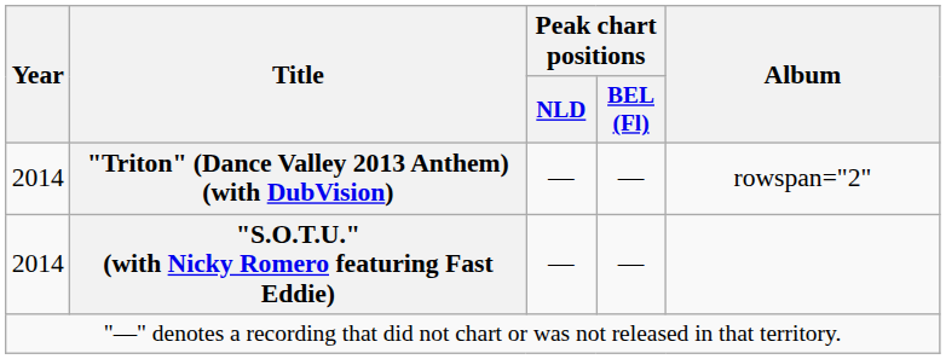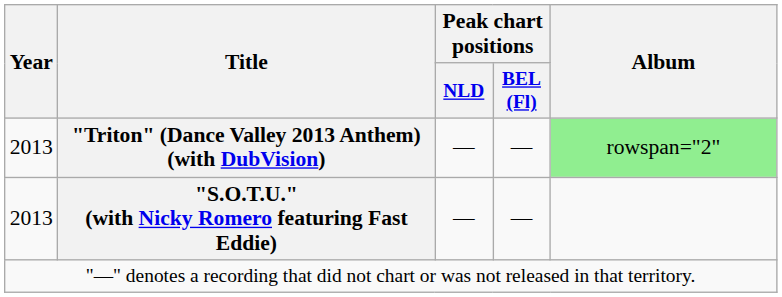 <table class="wikitable plainrowheaders" style="text-align:center;">
 <tr>
 <th scope="col" rowspan="2" style="width:2em;">Year</th>
 <th scope="col" rowspan="2" style="width:17em;">Title</th>
 <th scope="col" colspan="2">Peak chart positions</th>
 <th scope="col" rowspan="2" style="width:10em;">Album</th>
 </tr>
 <tr>
 <th scope="col" style="width:2.5em;font-size:90%;"><a href='#'>NLD</a><br></th>
 <th scope="col" style="width:2.5em;font-size:90%;"><a href='#'>BEL (Fl)</a><br></th>
 </tr>
 <tr>
-<td>2014</td>
+<td>2013</td>
 <th scope="row">"Triton" (Dance Valley 2013 Anthem) <br><span>(with <a href='#'>DubVision</a>)</span></th>
 <td>—</td>
 <td>—</td>
-<td>rowspan="2" </td>
+<td style="background: lightgreen;">rowspan="2" </td>
 </tr>
 <tr>
-<td>2014</td>
+<td>2013</td>
 <th scope="row">"S.O.T.U." <br><span>(with <a href='#'>Nicky Romero</a> featuring Fast Eddie)</span></th>
 <td>—</td>
 <td>—</td>
 </tr>
 <tr>
 <td colspan="6" style="font-size:90%">"—" denotes a recording that did not chart or was not released in that territory.</td>
 </tr>
 </table>
